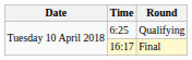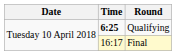 <table class="wikitable">
 <tr>
 <th>Date</th>
 <th>Time</th>
 <th>Round</th>
 </tr>
 <tr>
 <td rowspan=2>Tuesday 10 April 2018</td>
-<td>6:25</td>
+<td><strong>6:25</strong></td>
 <td>Qualifying</td>
 </tr>
 <tr>
 <td style=background:lemonchiffon>16:17</td>
 <td style=background:lemonchiffon>Final</td>
 </tr>
 </table>
